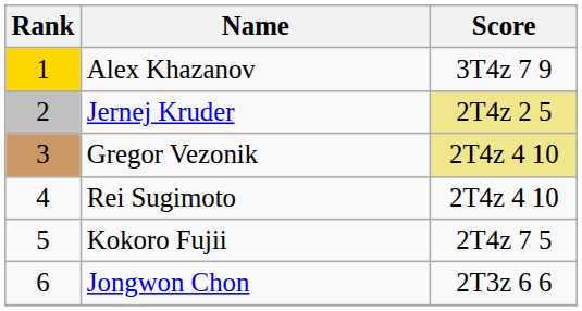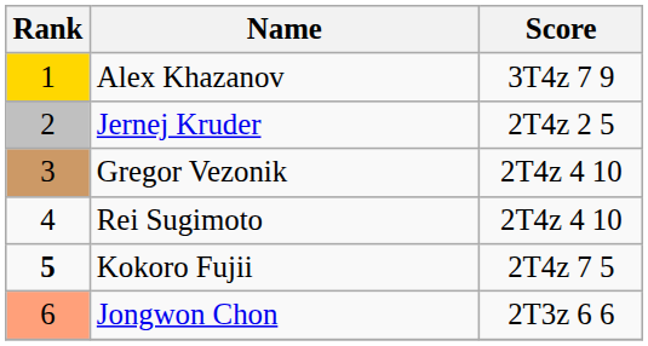 <table class="wikitable">
 <tr>
 <th>Rank</th>
 <th width = "200">Name</th>
 <th width = "80">Score</th>
 </tr>
 <tr>
 <td align="center" style="background: gold">1</td>
 <td> Alex Khazanov</td>
 <td align="center">3T4z 7 9</td>
 </tr>
 <tr>
 <td align="center" style="background: silver">2</td>
 <td> <a href='#'>Jernej Kruder</a></td>
-<td align="center" style="background: khaki;">2T4z 2 5</td>
+<td align="center">2T4z 2 5</td>
 </tr>
 <tr>
 <td align="center" style="background: #cc9966">3</td>
 <td> Gregor Vezonik</td>
-<td align="center" style="background: khaki;">2T4z 4 10</td>
+<td align="center">2T4z 4 10</td>
 </tr>
 <tr>
 <td align="center">4</td>
 <td> Rei Sugimoto</td>
 <td align="center">2T4z 4 10</td>
 </tr>
 <tr>
-<td align="center">5</td>
+<td align="center"><strong>5</strong></td>
 <td> Kokoro Fujii</td>
 <td align="center">2T4z 7 5</td>
 </tr>
 <tr>
-<td align="center">6</td>
+<td align="center" style="background: lightsalmon;">6</td>
 <td> <a href='#'>Jongwon Chon</a></td>
 <td align="center">2T3z 6 6</td>
 </tr>
 <tr>
 </tr>
 </table>
